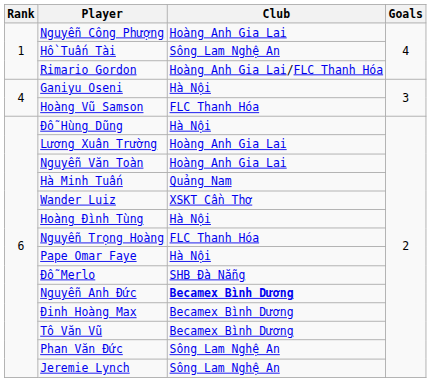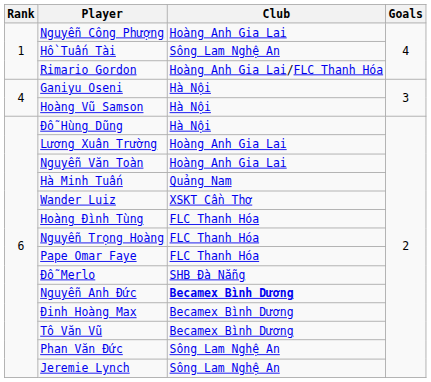 <table class="wikitable" style="text-align:center;">
 <tr>
 <th>Rank</th>
 <th>Player</th>
 <th>Club</th>
 <th>Goals</th>
 </tr>
 <tr>
 <td rowspan=3>1</td>
 <td align="left"> <a href='#'>Nguyễn Công Phượng</a></td>
 <td align="left"><a href='#'>Hoàng Anh Gia Lai</a></td>
 <td rowspan=3>4</td>
 </tr>
 <tr>
 <td align="left"> <a href='#'>Hồ Tuấn Tài</a></td>
 <td align="left"><a href='#'>Sông Lam Nghệ An</a></td>
 </tr>
 <tr>
 <td align="left"> <a href='#'>Rimario Gordon</a></td>
 <td align="left"><a href='#'>Hoàng Anh Gia Lai</a>/<a href='#'>FLC Thanh Hóa</a></td>
 </tr>
 <tr>
 <td rowspan=2>4</td>
 <td align="left"> <a href='#'>Ganiyu Oseni</a></td>
 <td align="left"><a href='#'>Hà Nội</a></td>
 <td rowspan=2>3</td>
 </tr>
 <tr>
 <td align="left"> <a href='#'>Hoàng Vũ Samson</a></td>
-<td align="left"><a href='#'>FLC Thanh Hóa</a></td>
+<td align="left"><a href='#'>Hà Nội</a></td>
 </tr>
 <tr>
 <td rowspan=14>6</td>
 <td align="left"> <a href='#'>Đỗ Hùng Dũng</a></td>
 <td align="left"><a href='#'>Hà Nội</a></td>
 <td rowspan=14>2</td>
 </tr>
 <tr>
 <td align="left"> <a href='#'>Lương Xuân Trường</a></td>
 <td align="left"><a href='#'>Hoàng Anh Gia Lai</a></td>
 </tr>
 <tr>
 <td align="left"> <a href='#'>Nguyễn Văn Toàn</a></td>
 <td align="left"><a href='#'>Hoàng Anh Gia Lai</a></td>
 </tr>
 <tr>
 <td align="left"> <a href='#'>Hà Minh Tuấn</a></td>
 <td align="left"><a href='#'>Quảng Nam</a></td>
 </tr>
 <tr>
 <td align="left"> <a href='#'>Wander Luiz</a></td>
 <td align="left"><a href='#'>XSKT Cần Thơ</a></td>
 </tr>
 <tr>
 <td align="left"> <a href='#'>Hoàng Đình Tùng</a></td>
-<td align="left"><a href='#'>Hà Nội</a></td>
+<td align="left"><a href='#'>FLC Thanh Hóa</a></td>
 </tr>
 <tr>
 <td align="left"> <a href='#'>Nguyễn Trọng Hoàng</a></td>
 <td align="left"><a href='#'>FLC Thanh Hóa</a></td>
 </tr>
 <tr>
 <td align="left"> <a href='#'>Pape Omar Faye</a></td>
-<td align="left"><a href='#'>Hà Nội</a></td>
+<td align="left"><a href='#'>FLC Thanh Hóa</a></td>
 </tr>
 <tr>
 <td align="left"> <a href='#'>Đỗ Merlo</a></td>
 <td align="left"><a href='#'>SHB Đà Nẵng</a></td>
 </tr>
 <tr>
 <td align="left"> <a href='#'>Nguyễn Anh Đức</a></td>
 <td align="left"><strong><a href='#'>Becamex Bình Dương</a></strong></td>
 </tr>
 <tr>
 <td align="left"> <a href='#'>Đinh Hoàng Max</a></td>
 <td align="left"><a href='#'>Becamex Bình Dương</a></td>
 </tr>
 <tr>
 <td align="left"> <a href='#'>Tô Văn Vũ</a></td>
 <td align="left"><a href='#'>Becamex Bình Dương</a></td>
 </tr>
 <tr>
 <td align="left"> <a href='#'>Phan Văn Đức</a></td>
 <td align="left"><a href='#'>Sông Lam Nghệ An</a></td>
 </tr>
 <tr>
 <td align="left"> <a href='#'>Jeremie Lynch</a></td>
 <td align="left"><a href='#'>Sông Lam Nghệ An</a></td>
 </tr>
 </table>
